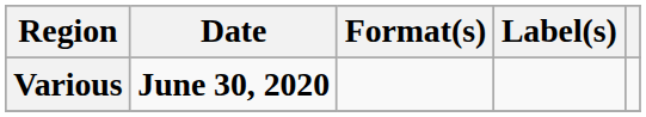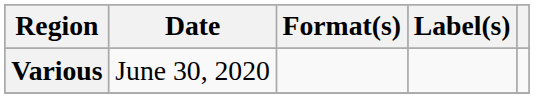 <table class="wikitable plainrowheaders">
 <tr>
 <th scope="col">Region</th>
 <th scope="col">Date</th>
 <th scope="col">Format(s)</th>
 <th scope="col">Label(s)</th>
 <th scope="col"></th>
 </tr>
 <tr>
 <th scope="row">Various</th>
-<td><strong>June 30, 2020</strong></td>
+<td>June 30, 2020</td>
 <td></td>
 <td></td>
 <td style="text-align:center;"></td>
 </tr>
 <tr>
 </tr>
 </table>
